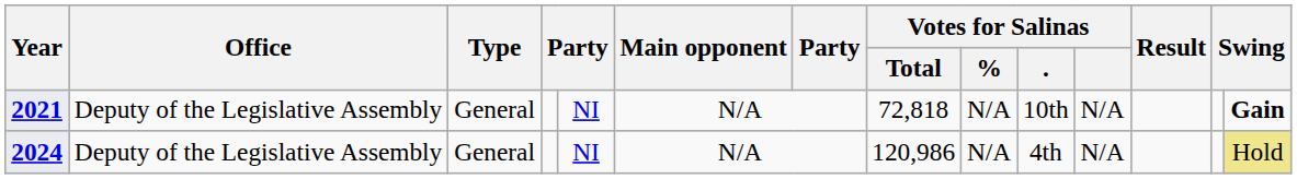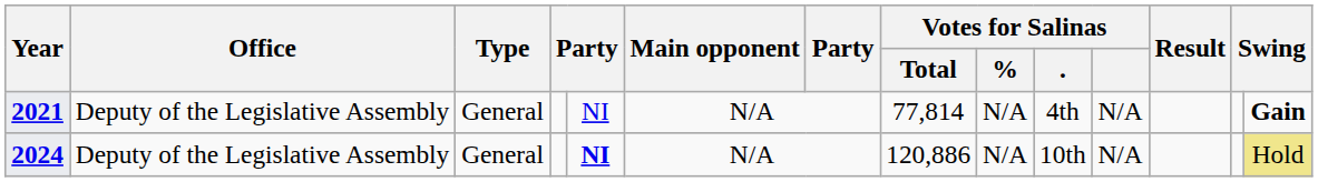 <table class="wikitable" style="font-size:90%; text-align:center;">
 <tr>
 <th rowspan="2">Year</th>
 <th rowspan="2">Office</th>
 <th rowspan="2">Type</th>
 <th colspan="2" rowspan="2">Party</th>
 <th rowspan="2">Main opponent</th>
 <th colspan="2" rowspan="2">Party</th>
 <th colspan="4">Votes for Salinas</th>
 <th rowspan="2">Result</th>
 <th colspan="2" rowspan="2">Swing</th>
 </tr>
 <tr>
 <th>Total</th>
 <th>%</th>
 <th>.</th>
 <th></th>
 </tr>
 <tr>
 <th style="background-color:#EAECF0;"><a href='#'>2021</a></th>
 <td>Deputy of the Legislative Assembly</td>
 <td>General</td>
 <td style="background-color:"></td>
 <td><a href='#'>NI</a></td>
 <td colspan="3">N/A</td>
-<td>72,818</td>
+<td>77,814</td>
 <td>N/A</td>
-<td>10th</td>
+<td>4th</td>
 <td>N/A</td>
 <td></td>
 <td style="background-color:"></td>
 <td><strong>Gain</strong></td>
 </tr>
 <tr>
 <th style="background-color:#EAECF0;"><a href='#'>2024</a></th>
 <td>Deputy of the Legislative Assembly</td>
 <td>General</td>
 <td style="background-color:"></td>
-<td><a href='#'>NI</a></td>
+<td><strong><a href='#'>NI</a></strong></td>
 <td colspan="3">N/A</td>
-<td>120,986</td>
+<td>120,886</td>
 <td>N/A</td>
-<td>4th</td>
+<td>10th</td>
 <td>N/A</td>
 <td></td>
 <td style="background-color:"></td>
 <td style="background: khaki;">Hold</td>
 </tr>
 </table>
